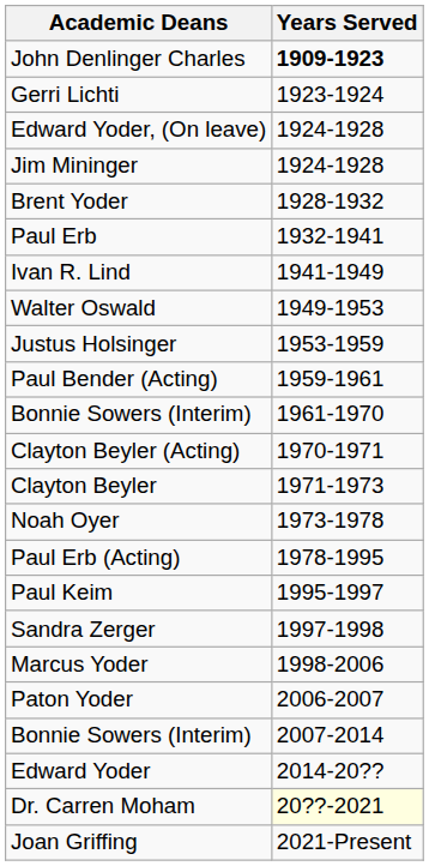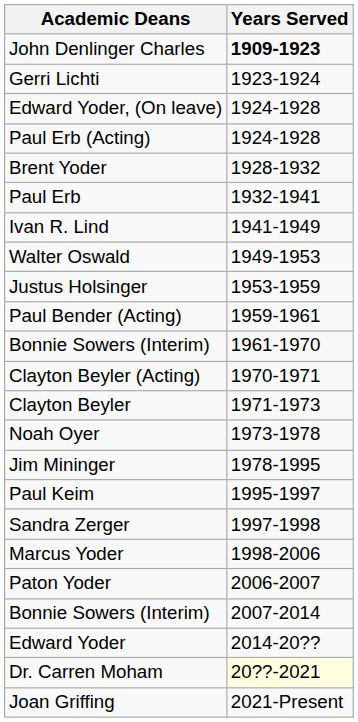 <table class="wikitable">
 <tr>
 <th>Academic Deans</th>
 <th>Years Served</th>
 </tr>
 <tr>
 <td>John Denlinger Charles</td>
 <td><strong>1909-1923</strong></td>
 </tr>
 <tr>
 <td>Gerri Lichti</td>
 <td>1923-1924</td>
 </tr>
 <tr>
 <td>Edward Yoder, (On leave)</td>
 <td>1924-1928</td>
 </tr>
 <tr>
-<td>Jim Mininger</td>
+<td>Paul Erb (Acting)</td>
 <td>1924-1928</td>
 </tr>
 <tr>
 <td>Brent Yoder</td>
 <td>1928-1932</td>
 </tr>
 <tr>
 <td>Paul Erb</td>
 <td>1932-1941</td>
 </tr>
 <tr>
 <td>Ivan R. Lind</td>
 <td>1941-1949</td>
 </tr>
 <tr>
 <td>Walter Oswald</td>
 <td>1949-1953</td>
 </tr>
 <tr>
 <td>Justus Holsinger</td>
 <td>1953-1959</td>
 </tr>
 <tr>
 <td>Paul Bender (Acting)</td>
 <td>1959-1961</td>
 </tr>
 <tr>
 <td>Bonnie Sowers (Interim)</td>
 <td>1961-1970</td>
 </tr>
 <tr>
 <td>Clayton Beyler (Acting)</td>
 <td>1970-1971</td>
 </tr>
 <tr>
 <td>Clayton Beyler</td>
 <td>1971-1973</td>
 </tr>
 <tr>
 <td>Noah Oyer</td>
 <td>1973-1978</td>
 </tr>
 <tr>
-<td>Paul Erb (Acting)</td>
+<td>Jim Mininger</td>
 <td>1978-1995</td>
 </tr>
 <tr>
 <td>Paul Keim</td>
 <td>1995-1997</td>
 </tr>
 <tr>
 <td>Sandra Zerger</td>
 <td>1997-1998</td>
 </tr>
 <tr>
 <td>Marcus Yoder</td>
 <td>1998-2006</td>
 </tr>
 <tr>
 <td>Paton Yoder</td>
 <td>2006-2007</td>
 </tr>
 <tr>
 <td>Bonnie Sowers (Interim)</td>
 <td>2007-2014</td>
 </tr>
 <tr>
 <td>Edward Yoder</td>
 <td>2014-20??</td>
 </tr>
 <tr>
 <td>Dr. Carren Moham</td>
 <td style="background: lightyellow;">20??-2021</td>
 </tr>
 <tr>
 <td>Joan Griffing</td>
 <td>2021-Present</td>
 </tr>
 </table>
